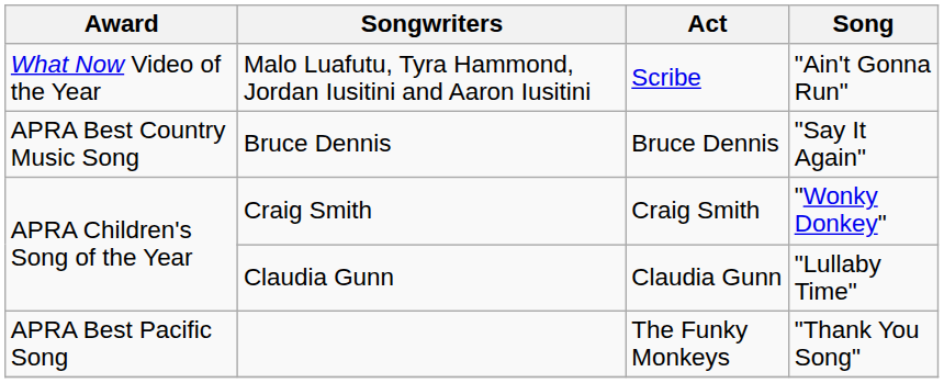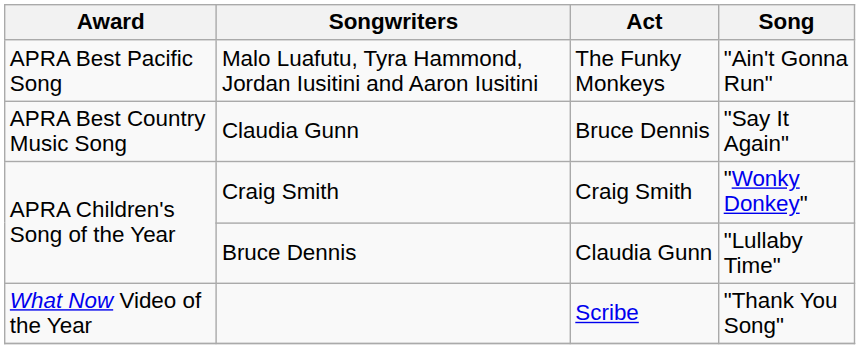 <table class="wikitable">
 <tr>
 <th>Award</th>
 <th>Songwriters</th>
 <th>Act</th>
 <th>Song</th>
 </tr>
 <tr>
-<td><em><a href='#'>What Now</a></em> Video of the Year</td>
+<td>APRA Best Pacific Song</td>
 <td>Malo Luafutu, Tyra Hammond, Jordan Iusitini and Aaron Iusitini</td>
-<td><a href='#'>Scribe</a></td>
+<td>The Funky Monkeys</td>
 <td>"Ain't Gonna Run"</td>
 </tr>
 <tr>
 <td>APRA Best Country Music Song</td>
-<td>Bruce Dennis</td>
+<td>Claudia Gunn</td>
 <td>Bruce Dennis</td>
 <td>"Say It Again"</td>
 </tr>
 <tr>
 <td rowspan=2>APRA Children's Song of the Year</td>
 <td>Craig Smith</td>
 <td>Craig Smith</td>
 <td>"<a href='#'>Wonky Donkey</a>"</td>
 </tr>
 <tr>
-<td>Claudia Gunn</td>
+<td>Bruce Dennis</td>
 <td>Claudia Gunn</td>
 <td>"Lullaby Time"</td>
 </tr>
 <tr>
-<td>APRA Best Pacific Song</td>
+<td><em><a href='#'>What Now</a></em> Video of the Year</td>
 <td></td>
-<td>The Funky Monkeys</td>
+<td><a href='#'>Scribe</a></td>
 <td>"Thank You Song"</td>
 </tr>
 <tr>
 </tr>
 </table>
